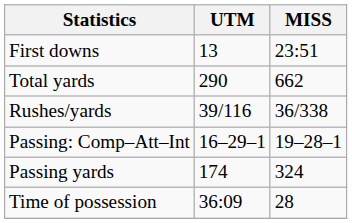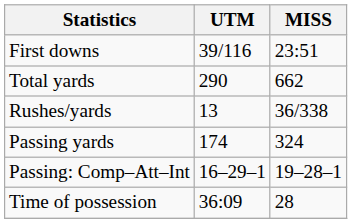 <table class="wikitable" style="float: left;">
 <tr>
 <th>Statistics</th>
 <th>UTM</th>
 <th>MISS</th>
 </tr>
 <tr>
 <td>First downs</td>
-<td>13</td>
+<td>39/116</td>
 <td>23:51</td>
 </tr>
 <tr>
 <td>Total yards</td>
 <td>290</td>
 <td>662</td>
 </tr>
 <tr>
 <td>Rushes/yards</td>
-<td>39/116</td>
+<td>13</td>
 <td>36/338</td>
+</tr>
+<tr>
+<td>Passing yards</td>
+<td>174</td>
+<td>324</td>
 </tr>
 <tr>
 <td>Passing: Comp–Att–Int</td>
 <td>16–29–1</td>
 <td>19–28–1</td>
-</tr>
-<tr>
-<td>Passing yards</td>
-<td>174</td>
-<td>324</td>
 </tr>
 <tr>
 <td>Time of possession</td>
 <td>36:09</td>
 <td>28</td>
 </tr>
 <tr>
 </tr>
 </table>
